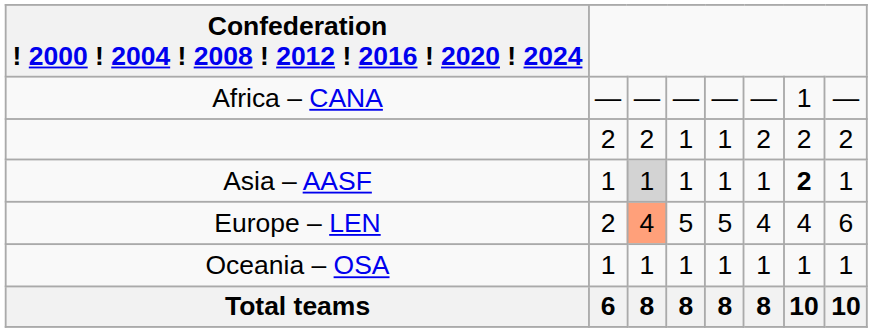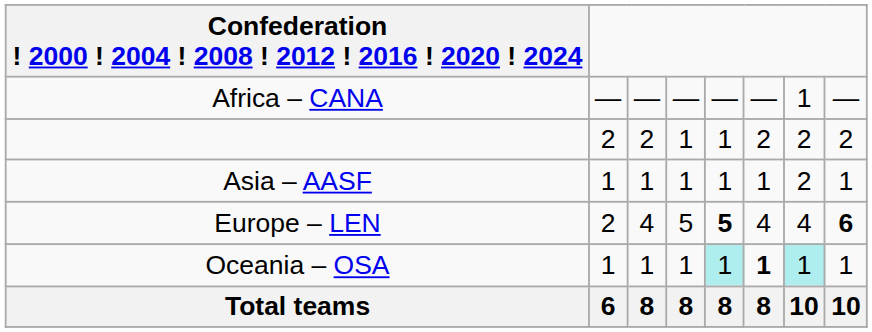 <table class="wikitable" style="text-align: center; font-size: 90%; margin-left: 1em;">
 <tr>
 <th>Confederation<br>! <a href='#'>2000</a> ! <a href='#'>2004</a> ! <a href='#'>2008</a> ! <a href='#'>2012</a> ! <a href='#'>2016</a> ! <a href='#'>2020</a> ! <a href='#'>2024</a></th>
 </tr>
 <tr>
 <td>Africa – <a href='#'>CANA</a></td>
 <td>—</td>
 <td>—</td>
 <td>—</td>
 <td>—</td>
 <td>—</td>
 <td>1</td>
 <td>—</td>
 </tr>
 <tr>
 <td></td>
 <td>2</td>
 <td>2</td>
 <td>1</td>
 <td>1</td>
 <td>2</td>
 <td>2</td>
 <td>2</td>
 </tr>
 <tr>
 <td>Asia – <a href='#'>AASF</a></td>
 <td>1</td>
-<td style="background: lightgrey;">1</td>
 <td>1</td>
 <td>1</td>
 <td>1</td>
-<td><strong>2</strong></td>
+<td>1</td>
+<td>2</td>
 <td>1</td>
 </tr>
 <tr>
 <td>Europe – <a href='#'>LEN</a></td>
 <td>2</td>
-<td style="background: lightsalmon;">4</td>
+<td>4</td>
 <td>5</td>
-<td>5</td>
+<td><strong>5</strong></td>
 <td>4</td>
 <td>4</td>
-<td>6</td>
+<td><strong>6</strong></td>
 </tr>
 <tr>
 <td>Oceania – <a href='#'>OSA</a></td>
 <td>1</td>
 <td>1</td>
 <td>1</td>
-<td>1</td>
-<td>1</td>
-<td>1</td>
+<td style="background: paleturquoise;">1</td>
+<td><strong>1</strong></td>
+<td style="background: paleturquoise;">1</td>
 <td>1</td>
 </tr>
 <tr>
 <th>Total teams</th>
 <th>6</th>
 <th>8</th>
 <th>8</th>
 <th>8</th>
 <th>8</th>
 <th>10</th>
 <th>10</th>
 </tr>
 </table>
